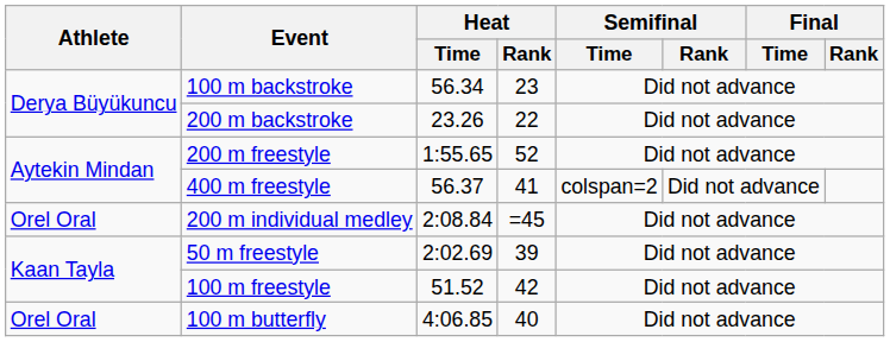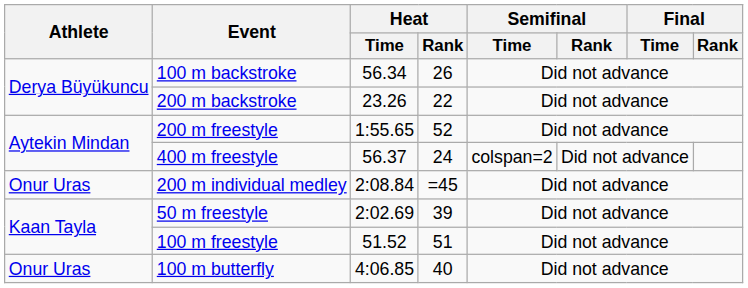 <table class=wikitable style="font-size:90%">
 <tr>
 <th rowspan="2">Athlete</th>
 <th rowspan="2">Event</th>
 <th colspan="2">Heat</th>
 <th colspan="2">Semifinal</th>
 <th colspan="2">Final</th>
 </tr>
 <tr style="font-size:95%">
 <th>Time</th>
 <th>Rank</th>
 <th>Time</th>
 <th>Rank</th>
 <th>Time</th>
 <th>Rank</th>
 </tr>
 <tr align=center>
 <td align=left rowspan=2><a href='#'>Derya Büyükuncu</a></td>
 <td align=left><a href='#'>100 m backstroke</a></td>
 <td>56.34</td>
-<td>23</td>
+<td>26</td>
 <td colspan=4>Did not advance</td>
 </tr>
 <tr align=center>
 <td align=left><a href='#'>200 m backstroke</a></td>
 <td>23.26</td>
 <td>22</td>
 <td colspan=4>Did not advance</td>
 </tr>
 <tr align=center>
 <td align=left rowspan=2><a href='#'>Aytekin Mindan</a></td>
 <td align=left><a href='#'>200 m freestyle</a></td>
 <td>1:55.65</td>
 <td>52</td>
 <td colspan=4>Did not advance</td>
 </tr>
 <tr align=center>
 <td align=left><a href='#'>400 m freestyle</a></td>
 <td>56.37</td>
-<td>41</td>
+<td>24</td>
 <td>colspan=2 </td>
 <td colspan=2>Did not advance</td>
 </tr>
 <tr align=center>
-<td align=left><a href='#'>Orel Oral</a></td>
+<td align=left><a href='#'>Onur Uras</a></td>
 <td align=left><a href='#'>200 m individual medley</a></td>
 <td>2:08.84</td>
 <td>=45</td>
 <td colspan=4>Did not advance</td>
 </tr>
 <tr align=center>
 <td align=left rowspan=2><a href='#'>Kaan Tayla</a></td>
 <td align=left><a href='#'>50 m freestyle</a></td>
 <td>2:02.69</td>
 <td>39</td>
 <td colspan=4>Did not advance</td>
 </tr>
 <tr align=center>
 <td align=left><a href='#'>100 m freestyle</a></td>
 <td>51.52</td>
-<td>42</td>
+<td>51</td>
 <td colspan=4>Did not advance</td>
 </tr>
 <tr align=center>
-<td align=left><a href='#'>Orel Oral</a></td>
+<td align=left><a href='#'>Onur Uras</a></td>
 <td align=left><a href='#'>100 m butterfly</a></td>
 <td>4:06.85</td>
 <td>40</td>
 <td colspan=4>Did not advance</td>
 </tr>
 </table>
